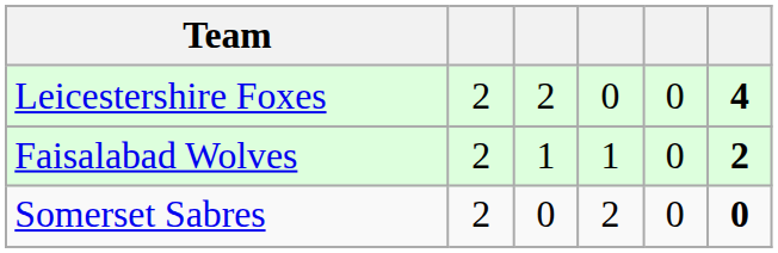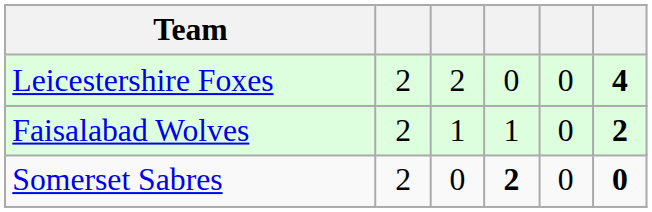 <table class="wikitable" style="text-align:center">
 <tr>
 <th style="width:180px;">Team</th>
 <th width="20"></th>
 <th width="20"></th>
 <th width="20"></th>
 <th width="20"></th>
 <th width="20"></th>
 </tr>
 <tr style="background:#dfd;">
 <td align=left> <a href='#'>Leicestershire Foxes</a></td>
 <td>2</td>
 <td>2</td>
 <td>0</td>
 <td>0</td>
 <td><strong>4</strong></td>
 </tr>
 <tr style="background:#dfd;">
 <td align=left> <a href='#'>Faisalabad Wolves</a></td>
 <td>2</td>
 <td>1</td>
 <td>1</td>
 <td>0</td>
 <td><strong>2</strong></td>
 </tr>
 <tr>
 <td align=left> <a href='#'>Somerset Sabres</a></td>
 <td>2</td>
 <td>0</td>
-<td>2</td>
+<td><strong>2</strong></td>
 <td>0</td>
 <td><strong>0</strong></td>
 </tr>
 </table>
